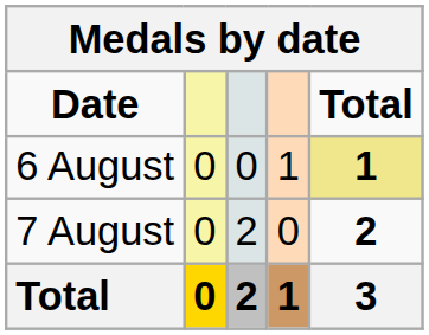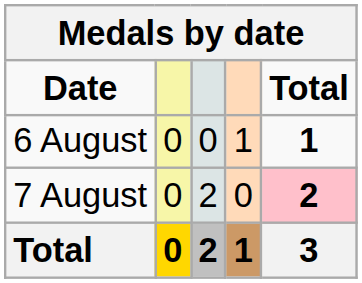 <table class="wikitable" style="text-align:center;font-size:90%">
 <tr style="background:#efefef;">
 <th colspan=7>Medals by date</th>
 </tr>
 <tr>
 <td><strong>Date</strong></td>
 <td bgcolor=#f7f6a8></td>
 <td bgcolor=#dce5e5></td>
 <td bgcolor=#ffdab9></td>
 <td><strong>Total</strong></td>
 </tr>
 <tr>
 <td style="text-align:left;">6 August</td>
 <td style="background:#F7F6A8;">0</td>
 <td style="background:#DCE5E5;">0</td>
 <td style="background:#FFDAB9;">1</td>
-<td style="background: khaki;"><strong>1</strong></td>
+<td><strong>1</strong></td>
 </tr>
 <tr>
 <td style="text-align:left;">7 August</td>
 <td style="background:#F7F6A8;">0</td>
 <td style="background:#DCE5E5;">2</td>
 <td style="background:#FFDAB9;">0</td>
-<td><strong>2</strong></td>
+<td style="background: pink;"><strong>2</strong></td>
 </tr>
 <tr>
 <th style="text-align:left;">Total</th>
 <th style="background:gold;">0</th>
 <th style="background:silver;">2</th>
 <th style="background:#c96;">1</th>
 <th>3</th>
 </tr>
 </table>
